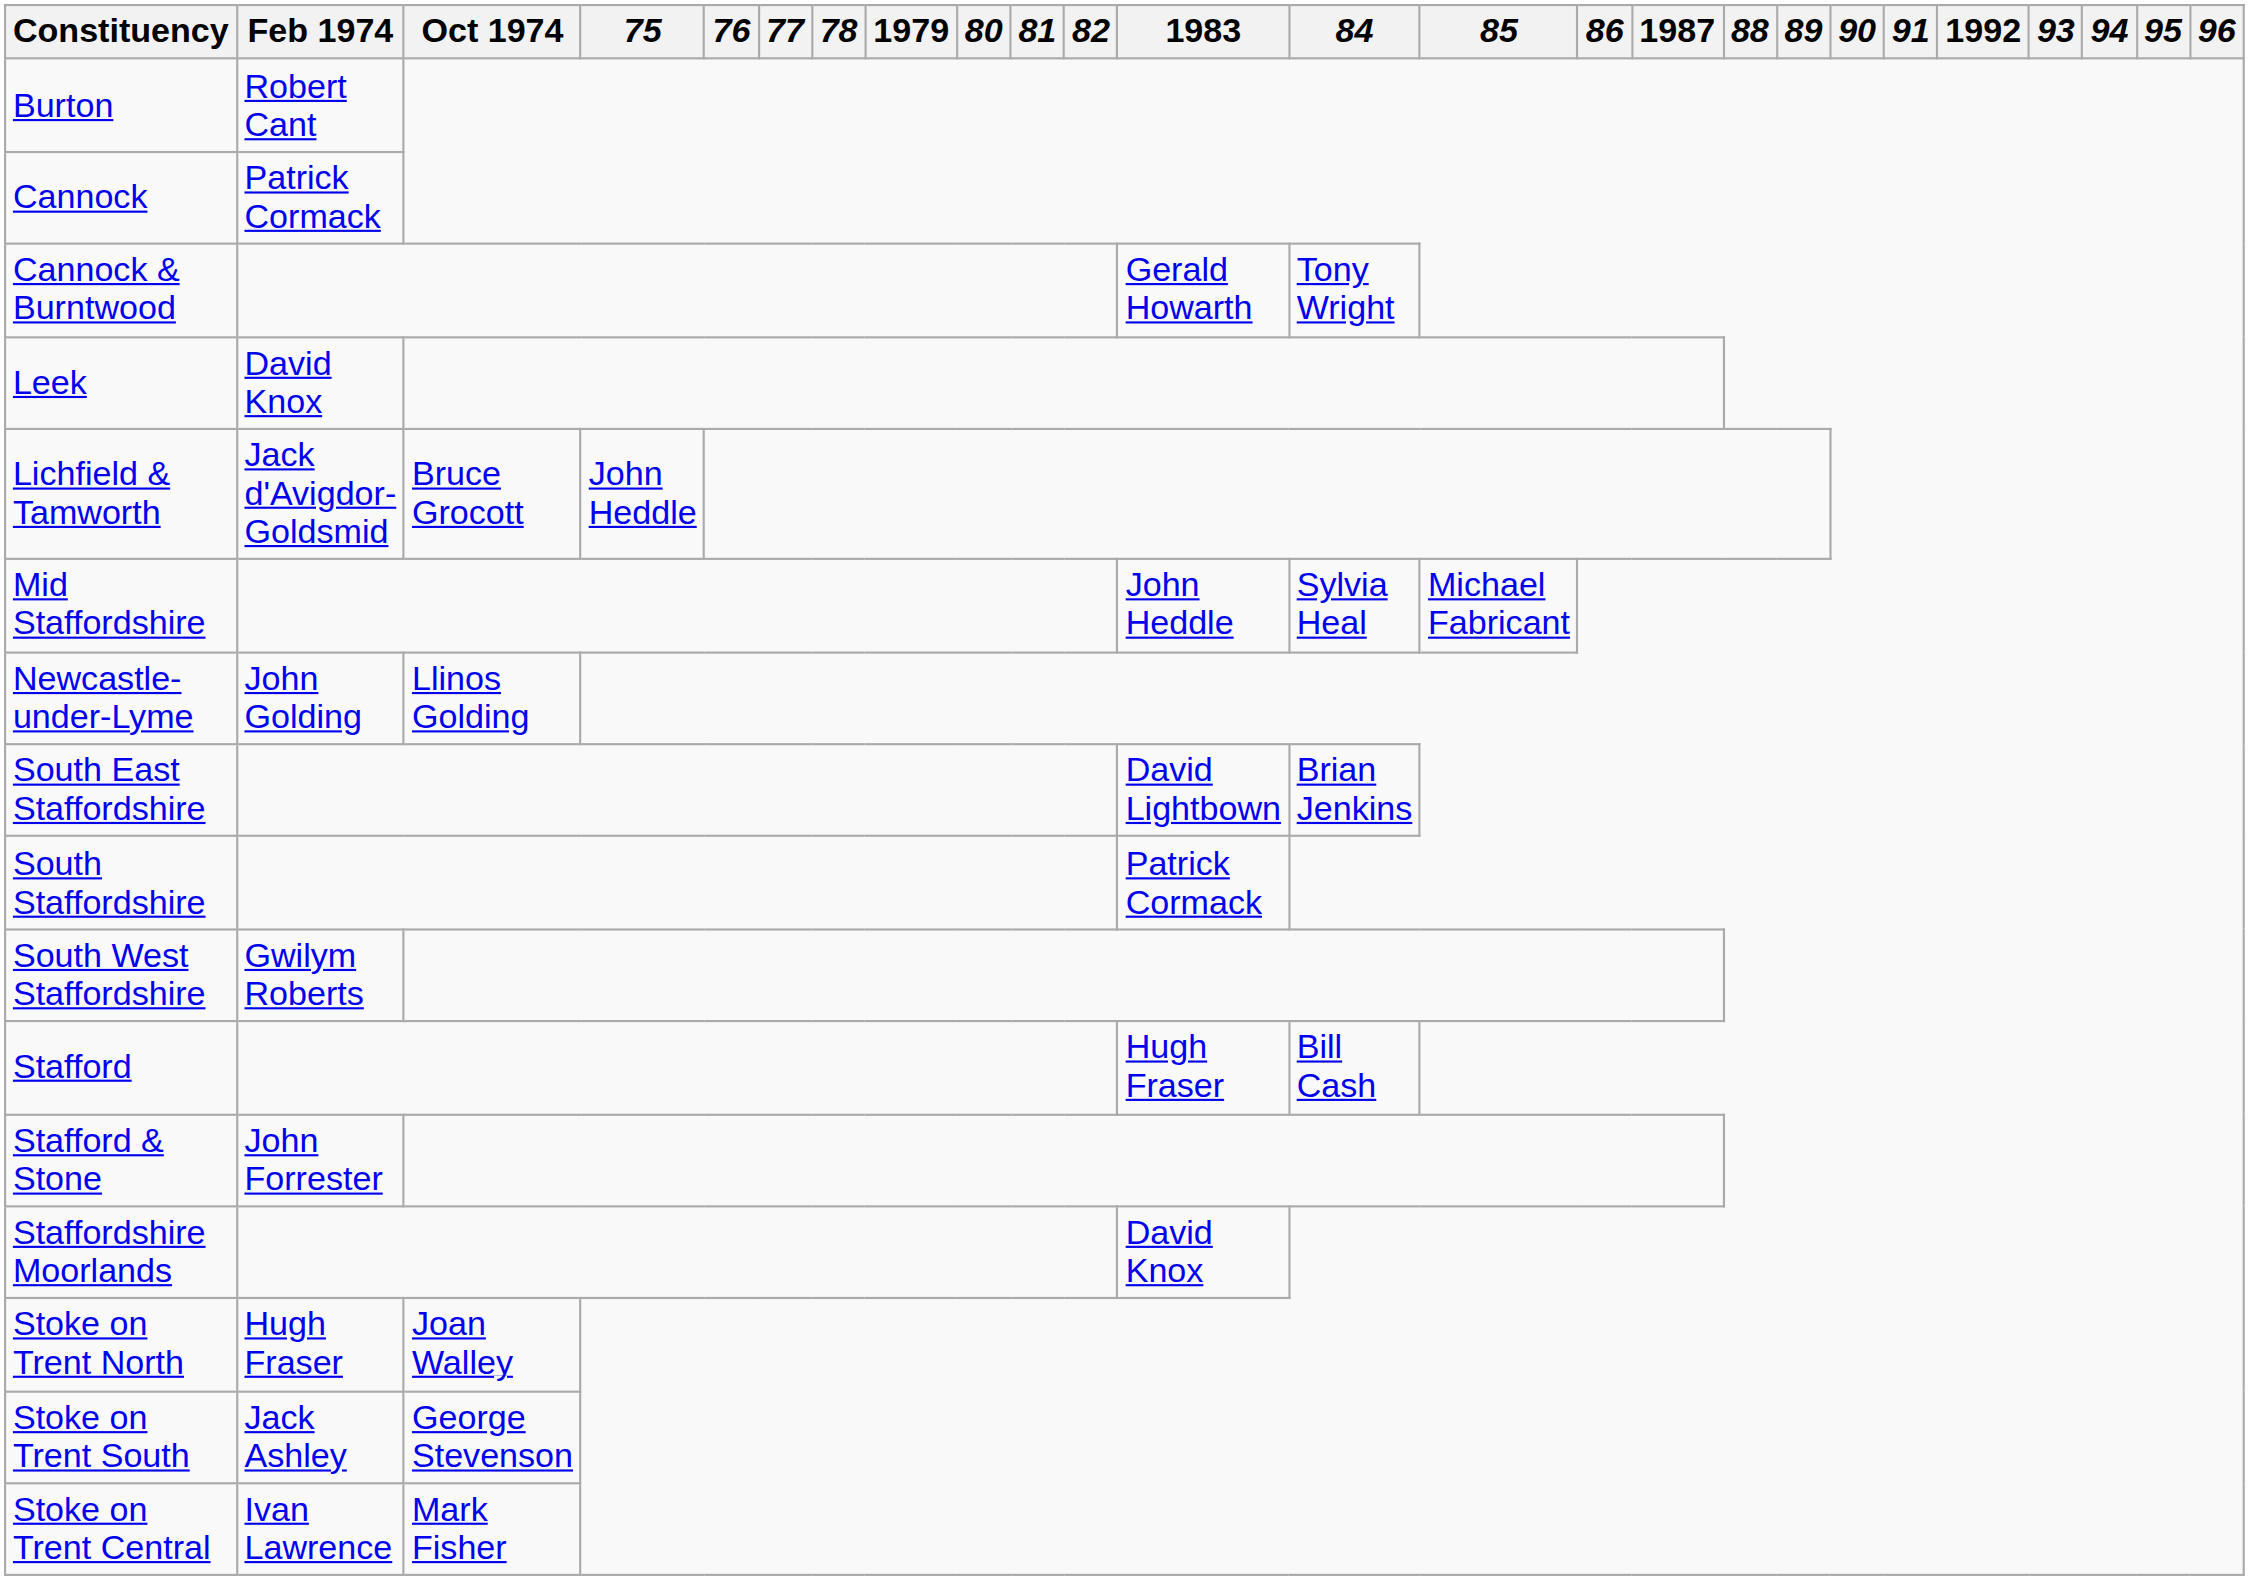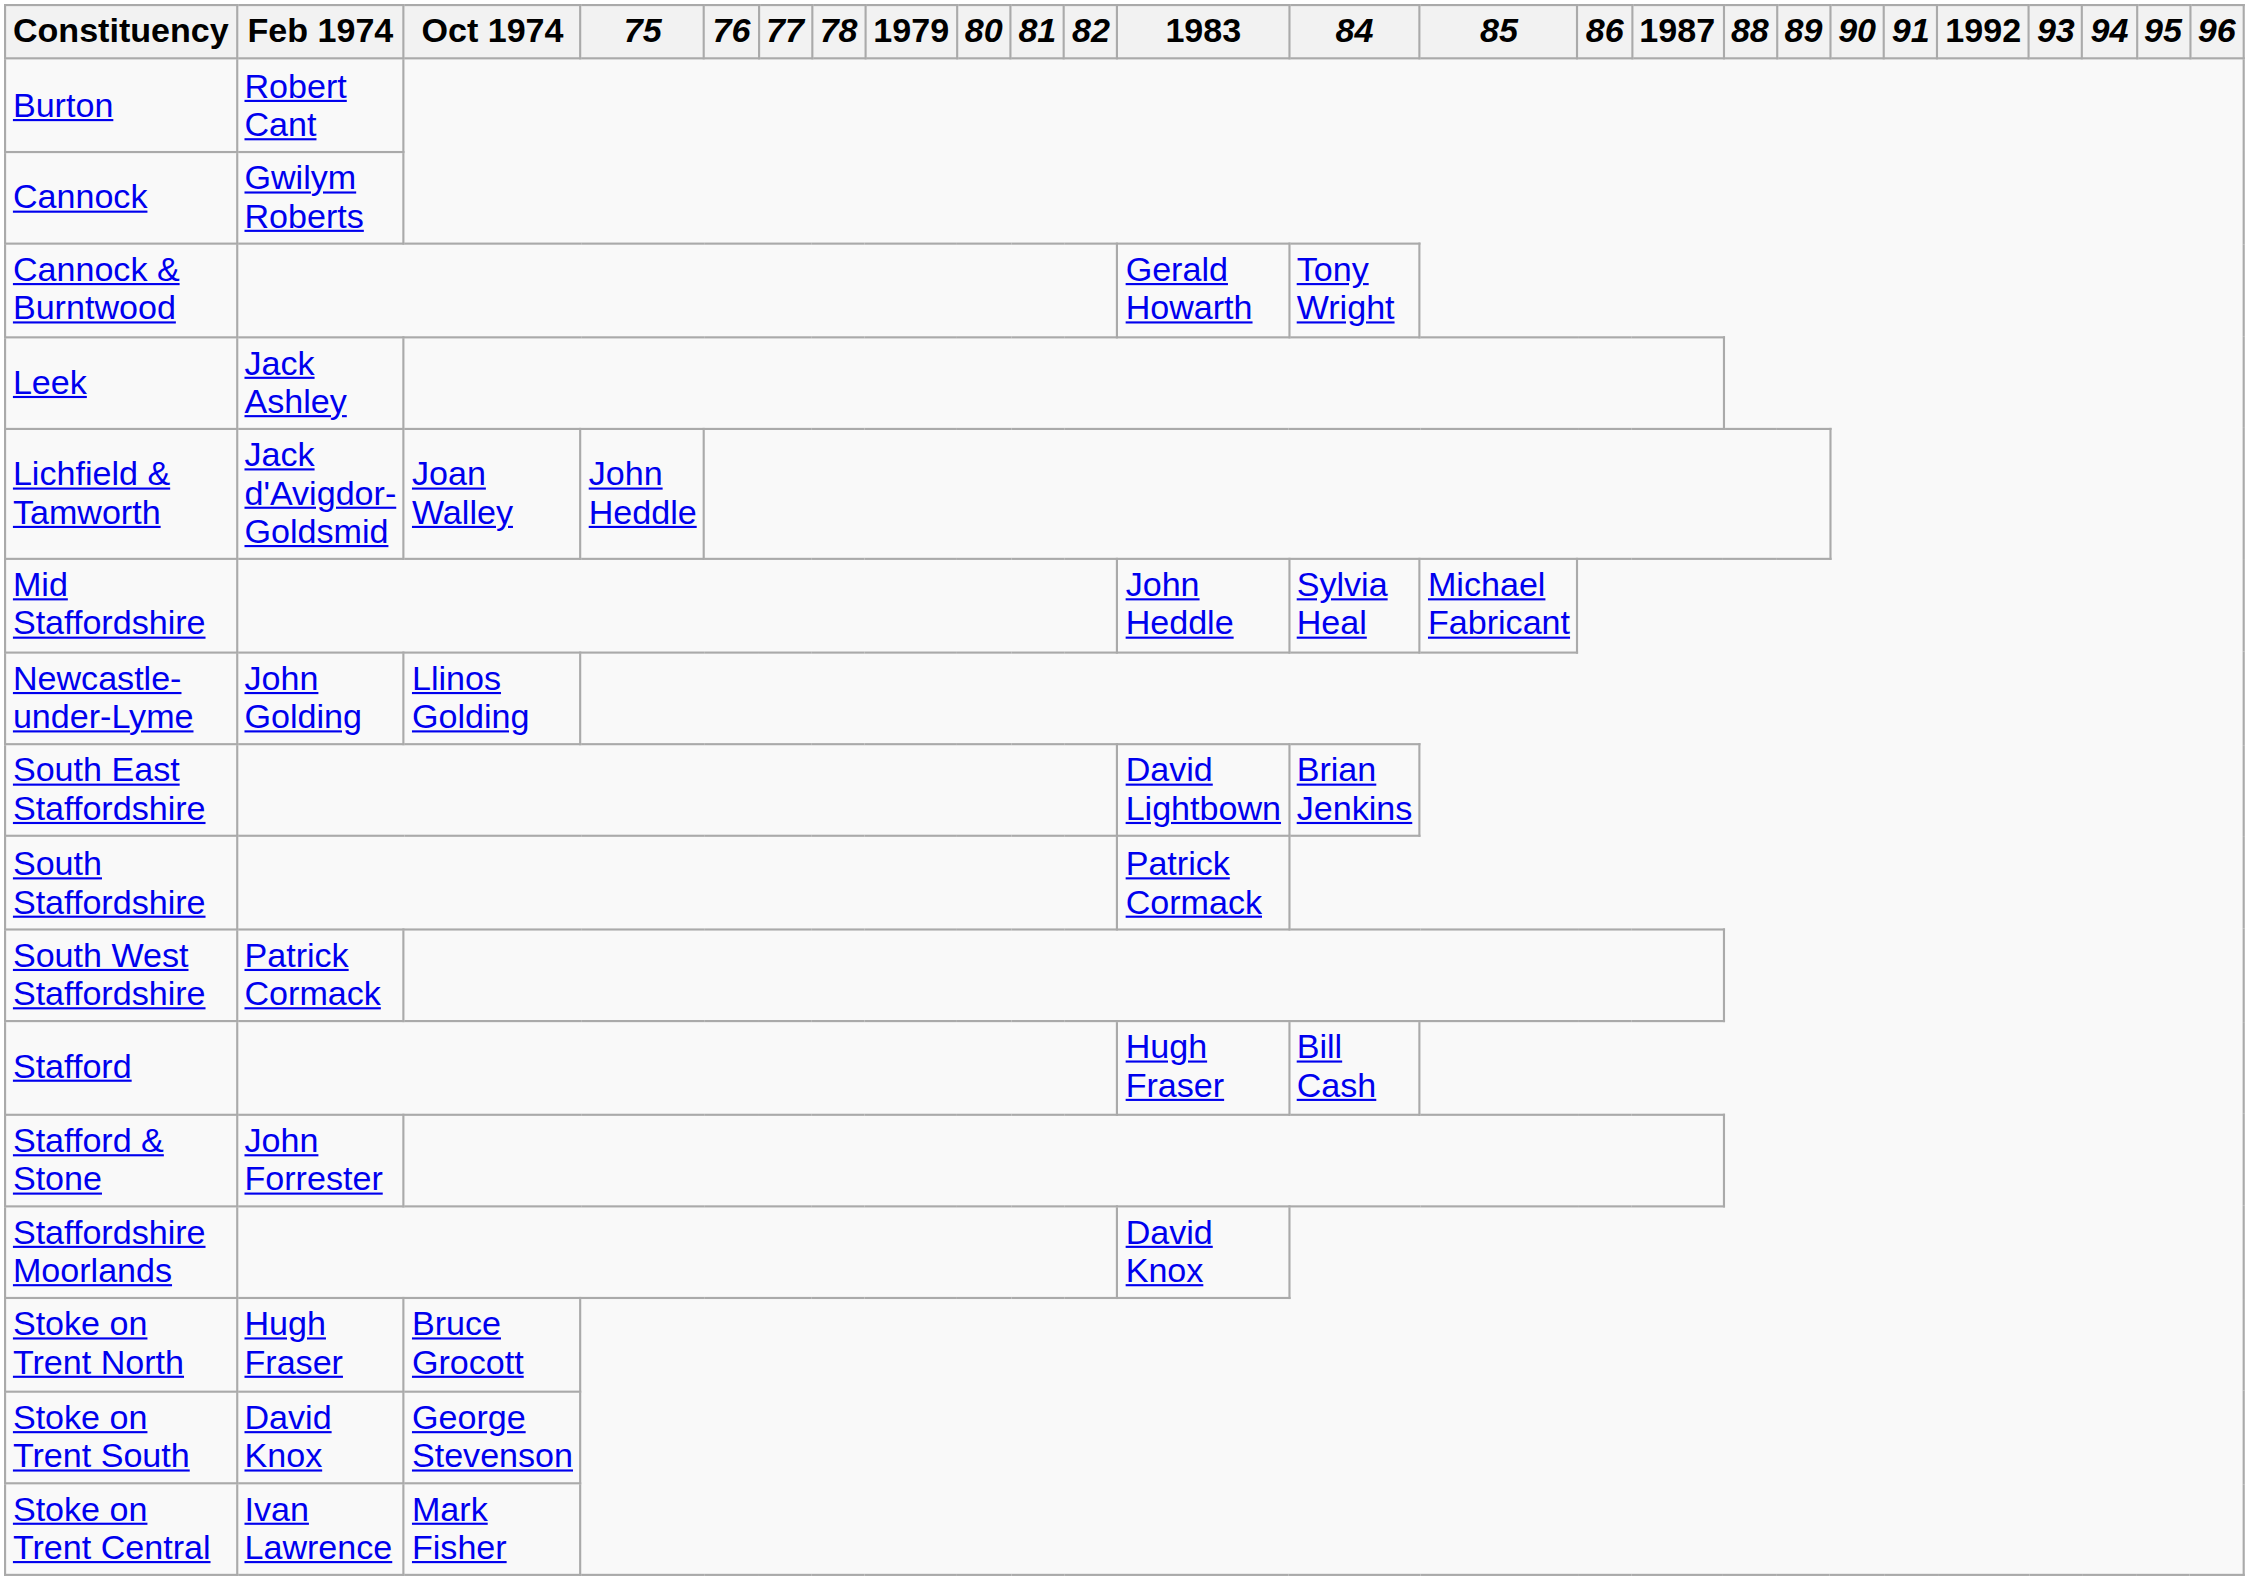 <table class="wikitable">
 <tr>
 <th>Constituency</th>
 <th>Feb 1974</th>
 <th>Oct 1974</th>
 <th><em>75</em></th>
 <th><em>76</em></th>
 <th><em>77</em></th>
 <th><em>78</em></th>
 <th>1979</th>
 <th><em>80</em></th>
 <th><em>81</em></th>
 <th><em>82</em></th>
 <th>1983</th>
 <th><em>84</em></th>
 <th><em>85</em></th>
 <th><em>86</em></th>
 <th>1987</th>
 <th><em>88</em></th>
 <th><em>89</em></th>
 <th><em>90</em></th>
 <th><em>91</em></th>
 <th>1992</th>
 <th><em>93</em></th>
 <th><em>94</em></th>
 <th><em>95</em></th>
 <th><em>96</em></th>
 </tr>
 <tr>
 <td><a href='#'>Burton</a></td>
 <td><a href='#'>Robert Cant</a></td>
 </tr>
 <tr>
 <td><a href='#'>Cannock</a></td>
-<td><a href='#'>Patrick Cormack</a></td>
+<td><a href='#'>Gwilym Roberts</a></td>
 </tr>
 <tr>
 <td><a href='#'>Cannock & Burntwood</a></td>
 <td colspan=10></td>
 <td><a href='#'>Gerald Howarth</a></td>
 <td><a href='#'>Tony Wright</a></td>
 </tr>
 <tr>
 <td><a href='#'>Leek</a></td>
-<td><a href='#'>David Knox</a></td>
+<td><a href='#'>Jack Ashley</a></td>
 <td colspan=14></td>
 </tr>
 <tr>
 <td><a href='#'>Lichfield & Tamworth</a></td>
 <td><a href='#'>Jack d'Avigdor-Goldsmid</a></td>
-<td><a href='#'>Bruce Grocott</a></td>
+<td><a href='#'>Joan Walley</a></td>
 <td><a href='#'>John Heddle</a></td>
 <td colspan=14></td>
 </tr>
 <tr>
 <td><a href='#'>Mid Staffordshire</a></td>
 <td colspan=10></td>
 <td><a href='#'>John Heddle</a></td>
 <td><a href='#'>Sylvia Heal</a></td>
 <td><a href='#'>Michael Fabricant</a></td>
 </tr>
 <tr>
 <td><a href='#'>Newcastle-under-Lyme</a></td>
 <td><a href='#'>John Golding</a></td>
 <td><a href='#'>Llinos Golding</a></td>
 </tr>
 <tr>
 <td><a href='#'>South East Staffordshire</a></td>
 <td colspan=10></td>
 <td><a href='#'>David Lightbown</a></td>
 <td><a href='#'>Brian Jenkins</a></td>
 </tr>
 <tr>
 <td><a href='#'>South Staffordshire</a></td>
 <td colspan=10></td>
 <td><a href='#'>Patrick Cormack</a></td>
 </tr>
 <tr>
 <td><a href='#'>South West Staffordshire</a></td>
-<td><a href='#'>Gwilym Roberts</a></td>
+<td><a href='#'>Patrick Cormack</a></td>
 <td colspan=14></td>
 </tr>
 <tr>
 <td><a href='#'>Stafford</a></td>
 <td colspan=10></td>
 <td><a href='#'>Hugh Fraser</a></td>
 <td><a href='#'>Bill Cash</a></td>
 </tr>
 <tr>
 <td><a href='#'>Stafford & Stone</a></td>
 <td><a href='#'>John Forrester</a></td>
 <td colspan=14></td>
 </tr>
 <tr>
 <td><a href='#'>Staffordshire Moorlands</a></td>
 <td colspan=10></td>
 <td><a href='#'>David Knox</a></td>
 </tr>
 <tr>
 <td><a href='#'>Stoke on Trent North</a></td>
 <td><a href='#'>Hugh Fraser</a></td>
-<td><a href='#'>Joan Walley</a></td>
+<td><a href='#'>Bruce Grocott</a></td>
 </tr>
 <tr>
 <td><a href='#'>Stoke on Trent South</a></td>
-<td><a href='#'>Jack Ashley</a></td>
+<td><a href='#'>David Knox</a></td>
 <td><a href='#'>George Stevenson</a></td>
 </tr>
 <tr>
 <td><a href='#'>Stoke on Trent Central</a></td>
 <td><a href='#'>Ivan Lawrence</a></td>
 <td><a href='#'>Mark Fisher</a></td>
 </tr>
 </table>
